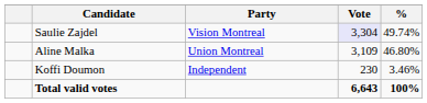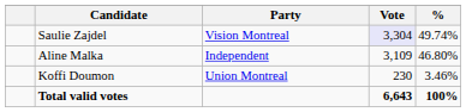 <table class="wikitable">
 <tr>
 </tr>
 <tr>
 <th bgcolor="#DDDDFF" width="30px"> </th>
 <th bgcolor="#DDDDFF" width="200px">Candidate</th>
 <th bgcolor="#DDDDFF" width="200px">Party</th>
 <th bgcolor="#DDDDFF" width="50px">Vote</th>
 <th bgcolor="#DDDDFF" width="30px">%</th>
 </tr>
 <tr>
 <td> </td>
 <td>Saulie Zajdel</td>
 <td><a href='#'>Vision Montreal</a></td>
 <td align="right" style="background: lavender;">3,304</td>
 <td align="right">49.74%</td>
 </tr>
 <tr>
 <td> </td>
 <td>Aline Malka</td>
-<td><a href='#'>Union Montreal</a></td>
+<td><a href='#'>Independent</a></td>
 <td align="right">3,109</td>
 <td align="right">46.80%</td>
 </tr>
 <tr>
 <td> </td>
 <td>Koffi Doumon</td>
-<td><a href='#'>Independent</a></td>
+<td><a href='#'>Union Montreal</a></td>
 <td align="right">230</td>
 <td align="right">3.46%</td>
 </tr>
 <tr>
 <td></td>
 <td><strong>Total valid votes</strong></td>
 <td></td>
 <td align="right"><strong>6,643</strong></td>
 <td align="right"><strong>100%</strong></td>
 </tr>
 </table>
